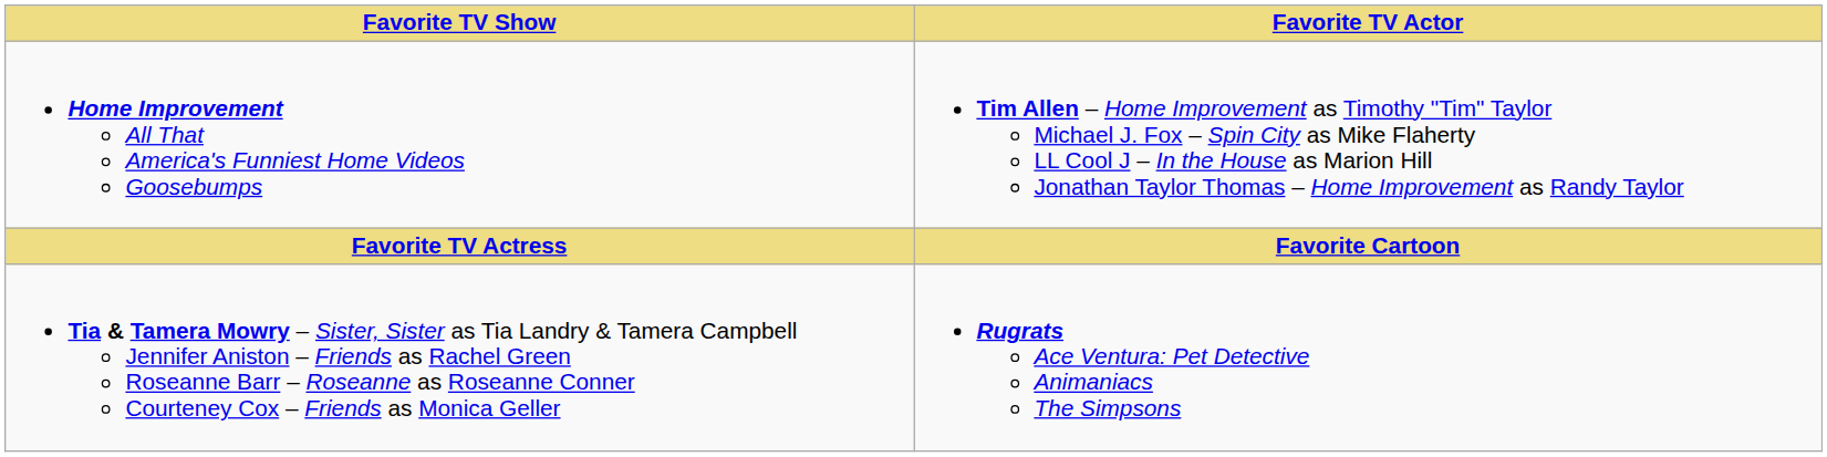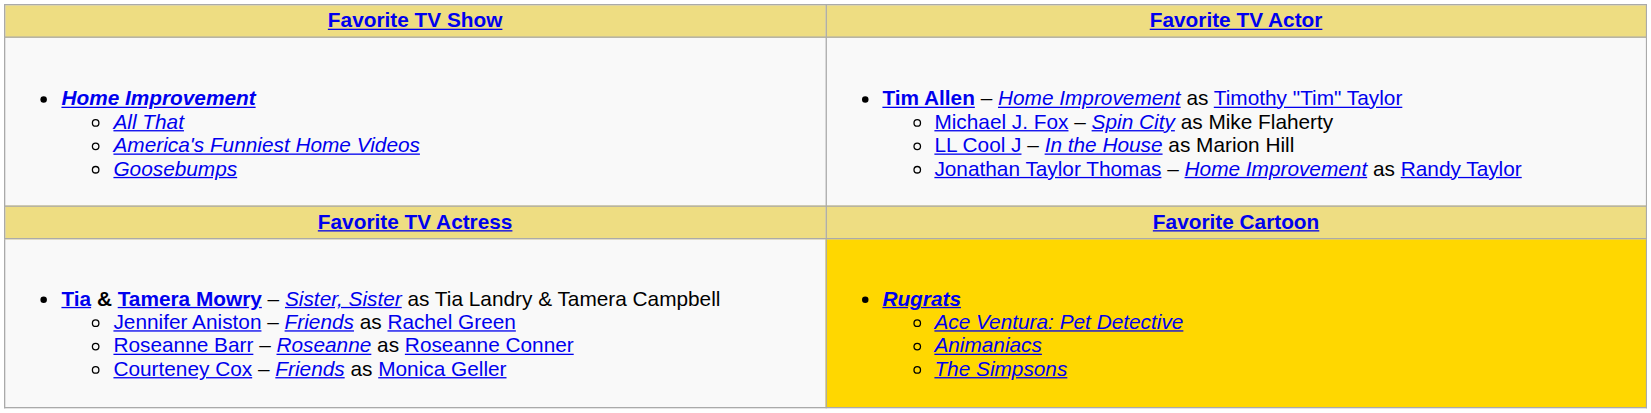 <table class="wikitable" style="width:100%">
 <tr>
 <th style="background:#EEDD82; width:50%"><a href='#'>Favorite TV Show</a></th>
 <th style="background:#EEDD82; width:50%"><a href='#'>Favorite TV Actor</a></th>
 </tr>
 <tr>
 <td valign="top"><br><ul><li><strong><em><a href='#'>Home Improvement</a></em></strong><ul><li><em><a href='#'>All That</a></em></li><li><em><a href='#'>America's Funniest Home Videos</a></em></li><li><em><a href='#'>Goosebumps</a></em></li></ul></li></ul></td>
 <td valign="top"><br><ul><li><strong><a href='#'>Tim Allen</a></strong> – <em><a href='#'>Home Improvement</a></em> as <a href='#'>Timothy "Tim" Taylor</a><ul><li><a href='#'>Michael J. Fox</a> – <em><a href='#'>Spin City</a></em> as Mike Flaherty</li><li><a href='#'>LL Cool J</a> – <em><a href='#'>In the House</a></em> as Marion Hill</li><li><a href='#'>Jonathan Taylor Thomas</a> – <em><a href='#'>Home Improvement</a></em> as <a href='#'>Randy Taylor</a></li></ul></li></ul></td>
 </tr>
 <tr>
 <th style="background:#EEDD82; width:50%"><a href='#'>Favorite TV Actress</a></th>
 <th style="background:#EEDD82; width:50%"><a href='#'>Favorite Cartoon</a></th>
 </tr>
 <tr>
 <td valign="top"><br><ul><li><strong><a href='#'>Tia</a> & <a href='#'>Tamera Mowry</a></strong> – <em><a href='#'>Sister, Sister</a></em> as Tia Landry & Tamera Campbell<ul><li><a href='#'>Jennifer Aniston</a> – <em><a href='#'>Friends</a></em> as <a href='#'>Rachel Green</a></li><li><a href='#'>Roseanne Barr</a> – <em><a href='#'>Roseanne</a></em> as <a href='#'>Roseanne Conner</a></li><li><a href='#'>Courteney Cox</a> – <em><a href='#'>Friends</a></em> as <a href='#'>Monica Geller</a></li></ul></li></ul></td>
-<td valign="top"><br><ul><li><strong><em><a href='#'>Rugrats</a></em></strong><ul><li><em><a href='#'>Ace Ventura: Pet Detective</a></em></li><li><em><a href='#'>Animaniacs</a></em></li><li><em><a href='#'>The Simpsons</a></em></li></ul></li></ul></td>
+<td valign="top" style="background: gold;"><br><ul><li><strong><em><a href='#'>Rugrats</a></em></strong><ul><li><em><a href='#'>Ace Ventura: Pet Detective</a></em></li><li><em><a href='#'>Animaniacs</a></em></li><li><em><a href='#'>The Simpsons</a></em></li></ul></li></ul></td>
 </tr>
 </table>
